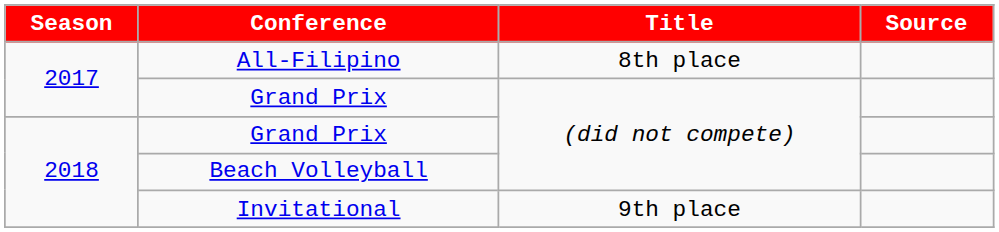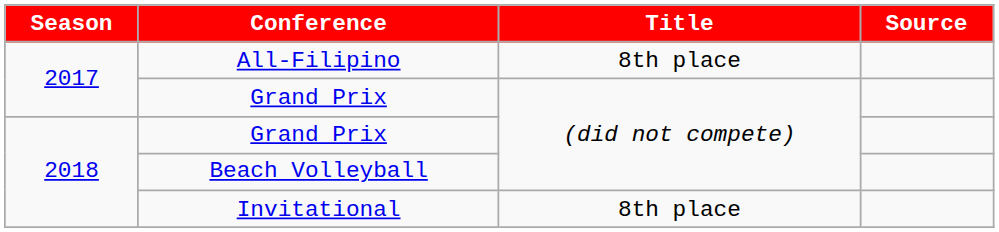 <table class="wikitable">
 <tr>
 <th style="width:70px; background:red; color:white; text-align:center;">Season</th>
 <th style="width:200px; background:red; color:white;">Conference</th>
 <th style="width:200px; background:red; color:white;">Title</th>
 <th style="width:70px; background:red; color:white;">Source</th>
 </tr>
 <tr align=center>
 <td rowspan=2><a href='#'>2017</a></td>
 <td><a href='#'>All-Filipino</a></td>
 <td>8th place</td>
 <td></td>
 </tr>
 <tr align=center>
 <td><a href='#'>Grand Prix</a></td>
 <td rowspan=3><em>(did not compete)</em></td>
 <td></td>
 </tr>
 <tr align=center>
 <td rowspan=3><a href='#'>2018</a></td>
 <td><a href='#'>Grand Prix</a></td>
 <td></td>
 </tr>
 <tr align=center>
 <td><a href='#'>Beach Volleyball</a></td>
 <td></td>
 </tr>
 <tr align=center>
 <td><a href='#'>Invitational</a></td>
-<td>9th place</td>
+<td>8th place</td>
 <td></td>
 </tr>
 </table>
